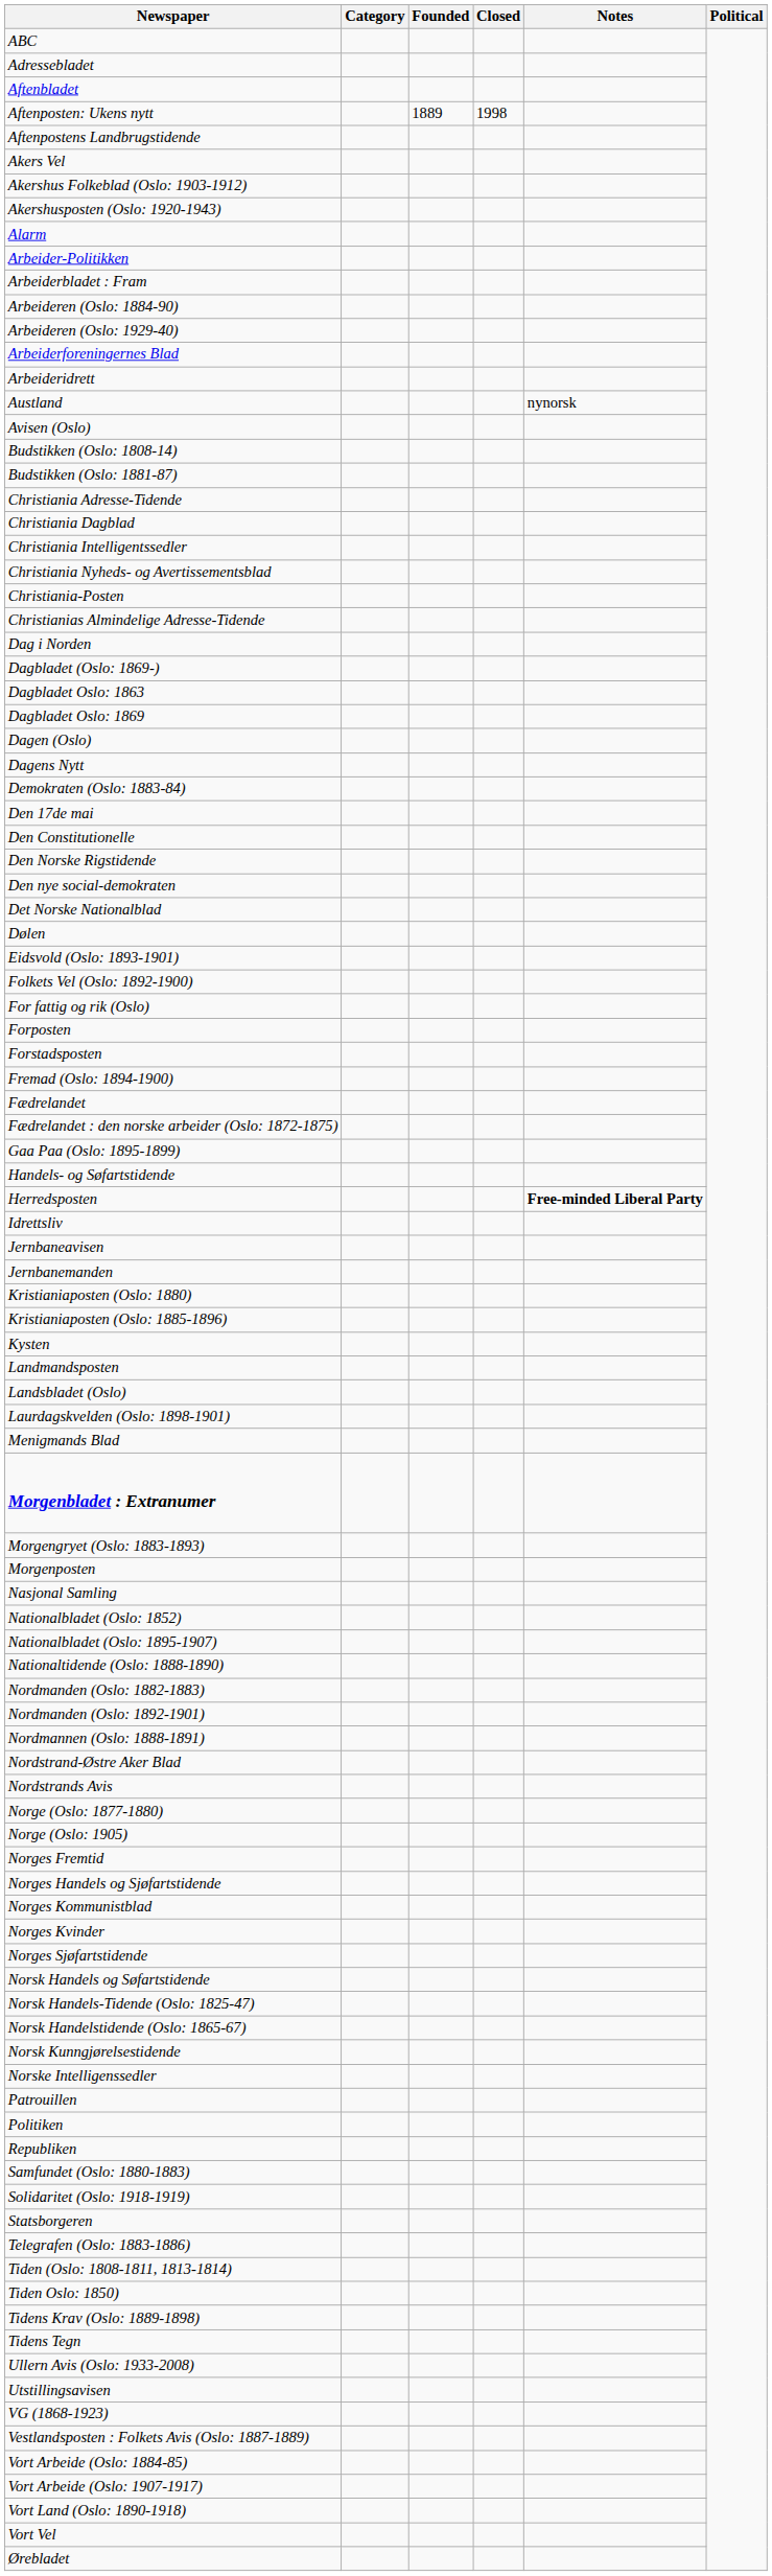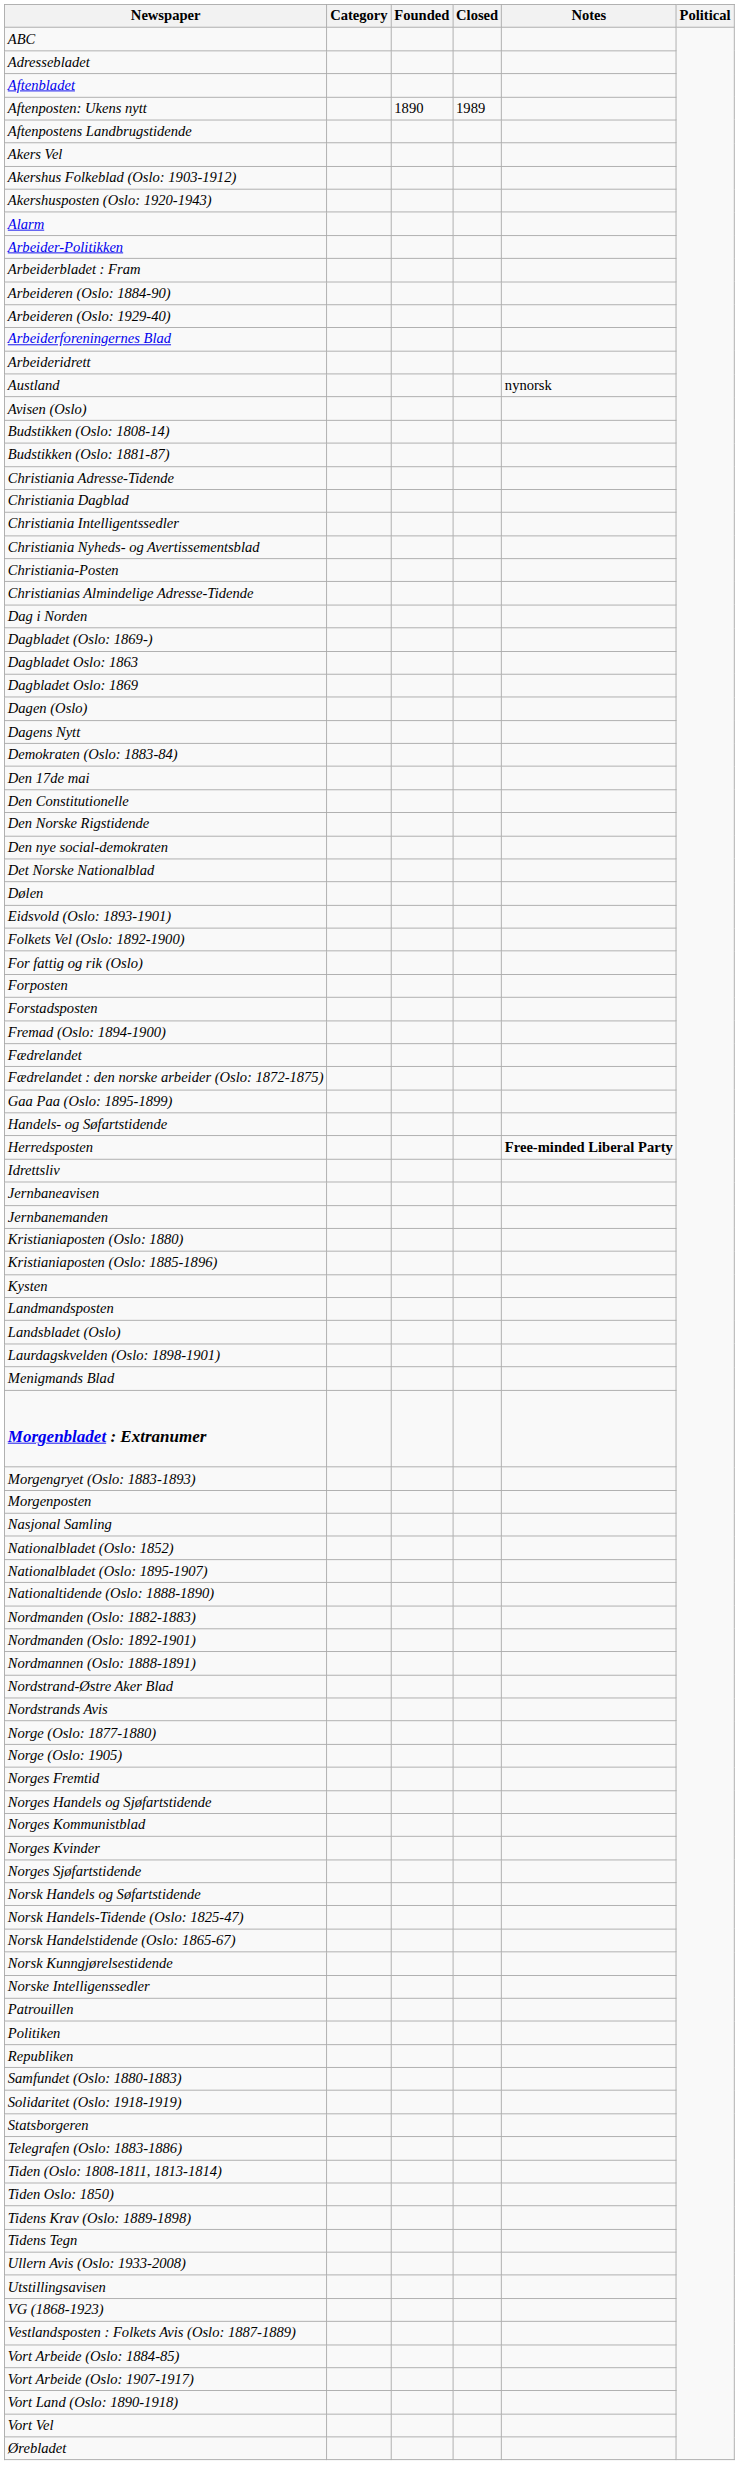 <table class="wikitable sortable">
 <tr>
 <th>Newspaper</th>
 <th>Category</th>
 <th>Founded</th>
 <th>Closed</th>
 <th class="unsortable">Notes</th>
 <th>Political</th>
 </tr>
 <tr>
 <td><em>ABC</em></td>
 <td></td>
 <td></td>
 <td></td>
 <td></td>
 </tr>
 <tr>
 <td><em>Adressebladet</em></td>
 <td></td>
 <td></td>
 <td></td>
 <td></td>
 </tr>
 <tr>
 <td><em><a href='#'>Aftenbladet</a></em></td>
 <td></td>
 <td></td>
 <td></td>
 <td></td>
 </tr>
 <tr>
 <td><em>Aftenposten: Ukens nytt</em></td>
 <td></td>
-<td>1889</td>
-<td>1998</td>
+<td>1890</td>
+<td>1989</td>
 <td></td>
 </tr>
 <tr>
 <td><em>Aftenpostens Landbrugstidende</em></td>
 <td></td>
 <td></td>
 <td></td>
 <td></td>
 </tr>
 <tr>
 <td><em>Akers Vel</em></td>
 <td></td>
 <td></td>
 <td></td>
 <td></td>
 </tr>
 <tr>
 <td><em>Akershus Folkeblad (Oslo: 1903-1912)</em></td>
 <td></td>
 <td></td>
 <td></td>
 <td></td>
 </tr>
 <tr>
 <td><em>Akershusposten (Oslo: 1920-1943)</em></td>
 <td></td>
 <td></td>
 <td></td>
 <td></td>
 </tr>
 <tr>
 <td><em><a href='#'>Alarm</a></em></td>
 <td></td>
 <td></td>
 <td></td>
 <td></td>
 </tr>
 <tr>
 <td><em><a href='#'>Arbeider-Politikken</a></em></td>
 <td></td>
 <td></td>
 <td></td>
 <td></td>
 </tr>
 <tr>
 <td><em>Arbeiderbladet : Fram</em></td>
 <td></td>
 <td></td>
 <td></td>
 <td></td>
 </tr>
 <tr>
 <td><em>Arbeideren (Oslo: 1884-90)</em></td>
 <td></td>
 <td></td>
 <td></td>
 <td></td>
 </tr>
 <tr>
 <td><em>Arbeideren (Oslo: 1929-40)</em></td>
 <td></td>
 <td></td>
 <td></td>
 <td></td>
 </tr>
 <tr>
 <td><em><a href='#'>Arbeiderforeningernes Blad</a></em></td>
 <td></td>
 <td></td>
 <td></td>
 <td></td>
 </tr>
 <tr>
 <td><em>Arbeideridrett</em></td>
 <td></td>
 <td></td>
 <td></td>
 <td></td>
 </tr>
 <tr>
 <td><em>Austland</em></td>
 <td></td>
 <td></td>
 <td></td>
 <td>nynorsk</td>
 </tr>
 <tr>
 <td><em>Avisen (Oslo)</em></td>
 <td></td>
 <td></td>
 <td></td>
 <td></td>
 </tr>
 <tr>
 <td><em>Budstikken (Oslo: 1808-14)</em></td>
 <td></td>
 <td></td>
 <td></td>
 <td></td>
 </tr>
 <tr>
 <td><em>Budstikken (Oslo: 1881-87)</em></td>
 <td></td>
 <td></td>
 <td></td>
 <td></td>
 </tr>
 <tr>
 <td><em>Christiania Adresse-Tidende</em></td>
 <td></td>
 <td></td>
 <td></td>
 <td></td>
 </tr>
 <tr>
 <td><em>Christiania Dagblad</em></td>
 <td></td>
 <td></td>
 <td></td>
 <td></td>
 </tr>
 <tr>
 <td><em>Christiania Intelligentssedler</em></td>
 <td></td>
 <td></td>
 <td></td>
 <td></td>
 </tr>
 <tr>
 <td><em>Christiania Nyheds- og Avertissementsblad</em></td>
 <td></td>
 <td></td>
 <td></td>
 <td></td>
 </tr>
 <tr>
 <td><em>Christiania-Posten</em></td>
 <td></td>
 <td></td>
 <td></td>
 <td></td>
 </tr>
 <tr>
 <td><em>Christianias Almindelige Adresse-Tidende</em></td>
 <td></td>
 <td></td>
 <td></td>
 <td></td>
 </tr>
 <tr>
 <td><em>Dag i Norden</em></td>
 <td></td>
 <td></td>
 <td></td>
 <td></td>
 </tr>
 <tr>
 <td><em>Dagbladet (Oslo: 1869-)</em></td>
 <td></td>
 <td></td>
 <td></td>
 <td></td>
 </tr>
 <tr>
 <td><em>Dagbladet Oslo: 1863</em></td>
 <td></td>
 <td></td>
 <td></td>
 <td></td>
 </tr>
 <tr>
 <td><em>Dagbladet Oslo: 1869</em></td>
 <td></td>
 <td></td>
 <td></td>
 <td></td>
 </tr>
 <tr>
 <td><em>Dagen (Oslo)</em></td>
 <td></td>
 <td></td>
 <td></td>
 <td></td>
 </tr>
 <tr>
 <td><em>Dagens Nytt</em></td>
 <td></td>
 <td></td>
 <td></td>
 <td></td>
 </tr>
 <tr>
 <td><em>Demokraten (Oslo: 1883-84)</em></td>
 <td></td>
 <td></td>
 <td></td>
 <td></td>
 </tr>
 <tr>
 <td><em>Den 17de mai</em></td>
 <td></td>
 <td></td>
 <td></td>
 <td></td>
 </tr>
 <tr>
 <td><em>Den Constitutionelle</em></td>
 <td></td>
 <td></td>
 <td></td>
 <td></td>
 </tr>
 <tr>
 <td><em>Den Norske Rigstidende</em></td>
 <td></td>
 <td></td>
 <td></td>
 <td></td>
 </tr>
 <tr>
 <td><em>Den nye social-demokraten</em></td>
 <td></td>
 <td></td>
 <td></td>
 <td></td>
 </tr>
 <tr>
 <td><em>Det Norske Nationalblad</em></td>
 <td></td>
 <td></td>
 <td></td>
 <td></td>
 </tr>
 <tr>
 <td><em>Dølen</em></td>
 <td></td>
 <td></td>
 <td></td>
 <td></td>
 </tr>
 <tr>
 <td><em>Eidsvold (Oslo: 1893-1901)</em></td>
 <td></td>
 <td></td>
 <td></td>
 <td></td>
 </tr>
 <tr>
 <td><em>Folkets Vel (Oslo: 1892-1900)</em></td>
 <td></td>
 <td></td>
 <td></td>
 <td></td>
 </tr>
 <tr>
 <td><em>For fattig og rik (Oslo)</em></td>
 <td></td>
 <td></td>
 <td></td>
 <td></td>
 </tr>
 <tr>
 <td><em>Forposten</em></td>
 <td></td>
 <td></td>
 <td></td>
 <td></td>
 </tr>
 <tr>
 <td><em>Forstadsposten</em></td>
 <td></td>
 <td></td>
 <td></td>
 <td></td>
 </tr>
 <tr>
 <td><em>Fremad (Oslo: 1894-1900)</em></td>
 <td></td>
 <td></td>
 <td></td>
 <td></td>
 </tr>
 <tr>
 <td><em>Fædrelandet</em></td>
 <td></td>
 <td></td>
 <td></td>
 <td></td>
 </tr>
 <tr>
 <td><em>Fædrelandet : den norske arbeider (Oslo: 1872-1875)</em></td>
 <td></td>
 <td></td>
 <td></td>
 <td></td>
 </tr>
 <tr>
 <td><em>Gaa Paa (Oslo: 1895-1899)</em></td>
 <td></td>
 <td></td>
 <td></td>
 <td></td>
 </tr>
 <tr>
 <td><em>Handels- og Søfartstidende</em></td>
 <td></td>
 <td></td>
 <td></td>
 <td></td>
 </tr>
 <tr>
 <td><em>Herredsposten</em></td>
 <td></td>
 <td></td>
 <td></td>
 <td><strong>Free-minded Liberal Party</strong></td>
 </tr>
 <tr>
 <td><em>Idrettsliv</em></td>
 <td></td>
 <td></td>
 <td></td>
 <td></td>
 </tr>
 <tr>
 <td><em>Jernbaneavisen</em></td>
 <td></td>
 <td></td>
 <td></td>
 <td></td>
 </tr>
 <tr>
 <td><em>Jernbanemanden</em></td>
 <td></td>
 <td></td>
 <td></td>
 <td></td>
 </tr>
 <tr>
 <td><em>Kristianiaposten (Oslo: 1880)</em></td>
 <td></td>
 <td></td>
 <td></td>
 <td></td>
 </tr>
 <tr>
 <td><em>Kristianiaposten (Oslo: 1885-1896)</em></td>
 <td></td>
 <td></td>
 <td></td>
 <td></td>
 </tr>
 <tr>
 <td><em>Kysten</em></td>
 <td></td>
 <td></td>
 <td></td>
 <td></td>
 </tr>
 <tr>
 <td><em>Landmandsposten</em></td>
 <td></td>
 <td></td>
 <td></td>
 <td></td>
 </tr>
 <tr>
 <td><em>Landsbladet (Oslo)</em></td>
 <td></td>
 <td></td>
 <td></td>
 <td></td>
 </tr>
 <tr>
 <td><em>Laurdagskvelden (Oslo: 1898-1901)</em></td>
 <td></td>
 <td></td>
 <td></td>
 <td></td>
 </tr>
 <tr>
 <td><em>Menigmands Blad</em></td>
 <td></td>
 <td></td>
 <td></td>
 <td></td>
 </tr>
 <tr>
 <td><br><h3><em><a href='#'>Morgenbladet</a> : Extranumer</em></h3></td>
 <td></td>
 <td></td>
 <td></td>
 <td></td>
 </tr>
 <tr>
 <td><em>Morgengryet (Oslo: 1883-1893)</em></td>
 <td></td>
 <td></td>
 <td></td>
 <td></td>
 </tr>
 <tr>
 <td><em>Morgenposten</em></td>
 <td></td>
 <td></td>
 <td></td>
 <td></td>
 </tr>
 <tr>
 <td><em>Nasjonal Samling</em></td>
 <td></td>
 <td></td>
 <td></td>
 <td></td>
 </tr>
 <tr>
 <td><em>Nationalbladet (Oslo: 1852)</em></td>
 <td></td>
 <td></td>
 <td></td>
 <td></td>
 </tr>
 <tr>
 <td><em>Nationalbladet (Oslo: 1895-1907)</em></td>
 <td></td>
 <td></td>
 <td></td>
 <td></td>
 </tr>
 <tr>
 <td><em>Nationaltidende (Oslo: 1888-1890)</em></td>
 <td></td>
 <td></td>
 <td></td>
 <td></td>
 </tr>
 <tr>
 <td><em>Nordmanden (Oslo: 1882-1883)</em></td>
 <td></td>
 <td></td>
 <td></td>
 <td></td>
 </tr>
 <tr>
 <td><em>Nordmanden (Oslo: 1892-1901)</em></td>
 <td></td>
 <td></td>
 <td></td>
 <td></td>
 </tr>
 <tr>
 <td><em>Nordmannen (Oslo: 1888-1891)</em></td>
 <td></td>
 <td></td>
 <td></td>
 <td></td>
 </tr>
 <tr>
 <td><em>Nordstrand-Østre Aker Blad</em></td>
 <td></td>
 <td></td>
 <td></td>
 <td></td>
 </tr>
 <tr>
 <td><em>Nordstrands Avis</em></td>
 <td></td>
 <td></td>
 <td></td>
 <td></td>
 </tr>
 <tr>
 <td><em>Norge (Oslo: 1877-1880)</em></td>
 <td></td>
 <td></td>
 <td></td>
 <td></td>
 </tr>
 <tr>
 <td><em>Norge (Oslo: 1905)</em></td>
 <td></td>
 <td></td>
 <td></td>
 <td></td>
 </tr>
 <tr>
 <td><em>Norges Fremtid</em></td>
 <td></td>
 <td></td>
 <td></td>
 <td></td>
 </tr>
 <tr>
 <td><em>Norges Handels og Sjøfartstidende</em></td>
 <td></td>
 <td></td>
 <td></td>
 <td></td>
 </tr>
 <tr>
 <td><em>Norges Kommunistblad</em></td>
 <td></td>
 <td></td>
 <td></td>
 <td></td>
 </tr>
 <tr>
 <td><em>Norges Kvinder</em></td>
 <td></td>
 <td></td>
 <td></td>
 <td></td>
 </tr>
 <tr>
 <td><em>Norges Sjøfartstidende</em></td>
 <td></td>
 <td></td>
 <td></td>
 <td></td>
 </tr>
 <tr>
 <td><em>Norsk Handels og Søfartstidende</em></td>
 <td></td>
 <td></td>
 <td></td>
 <td></td>
 </tr>
 <tr>
 <td><em>Norsk Handels-Tidende (Oslo: 1825-47)</em></td>
 <td></td>
 <td></td>
 <td></td>
 <td></td>
 </tr>
 <tr>
 <td><em>Norsk Handelstidende (Oslo: 1865-67)</em></td>
 <td></td>
 <td></td>
 <td></td>
 <td></td>
 </tr>
 <tr>
 <td><em>Norsk Kunngjørelsestidende</em></td>
 <td></td>
 <td></td>
 <td></td>
 <td></td>
 </tr>
 <tr>
 <td><em>Norske Intelligenssedler</em></td>
 <td></td>
 <td></td>
 <td></td>
 <td></td>
 </tr>
 <tr>
 <td><em>Patrouillen</em></td>
 <td></td>
 <td></td>
 <td></td>
 <td></td>
 </tr>
 <tr>
 <td><em>Politiken</em></td>
 <td></td>
 <td></td>
 <td></td>
 <td></td>
 </tr>
 <tr>
 <td><em>Republiken</em></td>
 <td></td>
 <td></td>
 <td></td>
 <td></td>
 </tr>
 <tr>
 <td><em>Samfundet (Oslo: 1880-1883)</em></td>
 <td></td>
 <td></td>
 <td></td>
 <td></td>
 </tr>
 <tr>
 <td><em>Solidaritet (Oslo: 1918-1919)</em></td>
 <td></td>
 <td></td>
 <td></td>
 <td></td>
 </tr>
 <tr>
 <td><em>Statsborgeren</em></td>
 <td></td>
 <td></td>
 <td></td>
 <td></td>
 </tr>
 <tr>
 <td><em>Telegrafen (Oslo: 1883-1886)</em></td>
 <td></td>
 <td></td>
 <td></td>
 <td></td>
 </tr>
 <tr>
 <td><em>Tiden (Oslo: 1808-1811, 1813-1814)</em></td>
 <td></td>
 <td></td>
 <td></td>
 <td></td>
 </tr>
 <tr>
 <td><em>Tiden Oslo: 1850)</em></td>
 <td></td>
 <td></td>
 <td></td>
 <td></td>
 </tr>
 <tr>
 <td><em>Tidens Krav (Oslo: 1889-1898)</em></td>
 <td></td>
 <td></td>
 <td></td>
 <td></td>
 </tr>
 <tr>
 <td><em>Tidens Tegn</em></td>
 <td></td>
 <td></td>
 <td></td>
 <td></td>
 </tr>
 <tr>
 <td><em>Ullern Avis (Oslo: 1933-2008)</em></td>
 <td></td>
 <td></td>
 <td></td>
 <td></td>
 </tr>
 <tr>
 <td><em>Utstillingsavisen</em></td>
 <td></td>
 <td></td>
 <td></td>
 <td></td>
 </tr>
 <tr>
 <td><em>VG (1868-1923)</em></td>
 <td></td>
 <td></td>
 <td></td>
 <td></td>
 </tr>
 <tr>
 <td><em>Vestlandsposten : Folkets Avis (Oslo: 1887-1889)</em></td>
 <td></td>
 <td></td>
 <td></td>
 <td></td>
 </tr>
 <tr>
 <td><em>Vort Arbeide (Oslo: 1884-85)</em></td>
 <td></td>
 <td></td>
 <td></td>
 <td></td>
 </tr>
 <tr>
 <td><em>Vort Arbeide (Oslo: 1907-1917)</em></td>
 <td></td>
 <td></td>
 <td></td>
 <td></td>
 </tr>
 <tr>
 <td><em>Vort Land (Oslo: 1890-1918)</em></td>
 <td></td>
 <td></td>
 <td></td>
 <td></td>
 </tr>
 <tr>
 <td><em>Vort Vel</em></td>
 <td></td>
 <td></td>
 <td></td>
 <td></td>
 </tr>
 <tr>
 <td><em>Ørebladet</em></td>
 <td></td>
 <td></td>
 <td></td>
 <td></td>
 </tr>
 </table>
